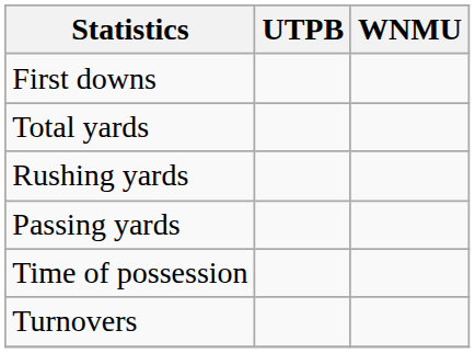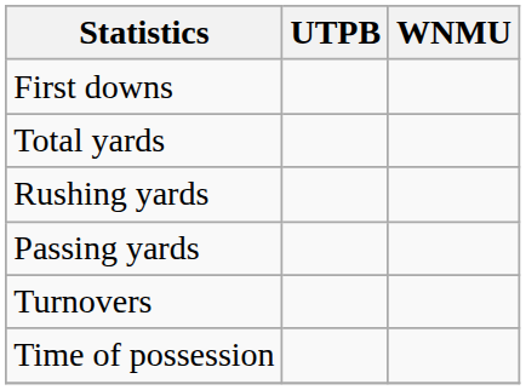 <table class="wikitable" style="float: left;">
 <tr>
 <th>Statistics</th>
 <th>UTPB</th>
 <th>WNMU</th>
 </tr>
 <tr>
 <td>First downs</td>
 <td></td>
 <td></td>
 </tr>
 <tr>
 <td>Total yards</td>
 <td></td>
 <td></td>
 </tr>
 <tr>
 <td>Rushing yards</td>
 <td></td>
 <td></td>
 </tr>
 <tr>
 <td>Passing yards</td>
 <td></td>
 <td></td>
 </tr>
 <tr>
-<td>Time of possession</td>
+<td>Turnovers</td>
 <td></td>
 <td></td>
 </tr>
 <tr>
-<td>Turnovers</td>
+<td>Time of possession</td>
 <td></td>
 <td></td>
 </tr>
 <tr>
 </tr>
 </table>
